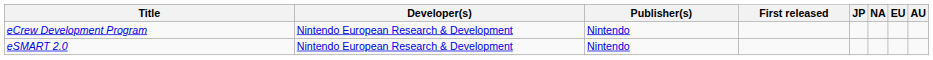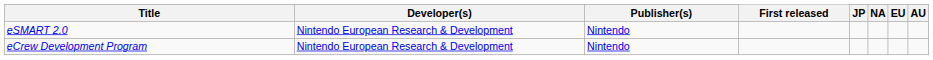 <table class="wikitable plainrowheaders sortable" style="font-size:90%;" id="otherlist">
 <tr>
 <th width=40%>Title</th>
 <th width=40%>Developer(s)</th>
 <th width=85%>Publisher(s)</th>
 <th style="display:inline-block; border:0; width:144px;">First released</th>
 <th width=5%>JP</th>
 <th width=5%>NA</th>
 <th width=5%>EU</th>
 <th width=5%>AU</th>
 </tr>
 <tr>
+<td><em><a href='#'>eSMART 2.0</a></em></td>
+<td><a href='#'>Nintendo European Research & Development</a></td>
+<td><a href='#'>Nintendo</a></td>
+<td></td>
+<td></td>
+<td></td>
+<td></td>
+<td></td>
+</tr>
+<tr>
 <td><em><a href='#'>eCrew Development Program</a></em></td>
 <td><a href='#'>Nintendo European Research & Development</a></td>
 <td><a href='#'>Nintendo</a></td>
 <td></td>
 <td></td>
 <td></td>
 <td></td>
 <td></td>
 </tr>
-<tr>
-<td><em><a href='#'>eSMART 2.0</a></em></td>
-<td><a href='#'>Nintendo European Research & Development</a></td>
-<td><a href='#'>Nintendo</a></td>
-<td></td>
-<td></td>
-<td></td>
-<td></td>
-<td></td>
-</tr>
 </table>
